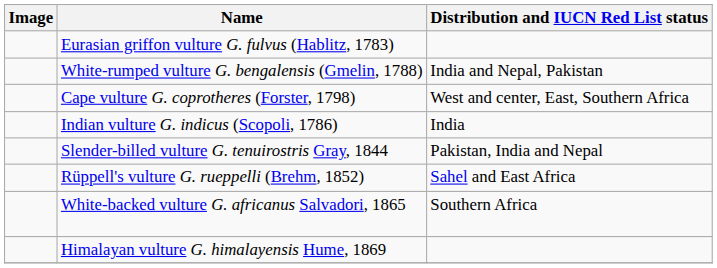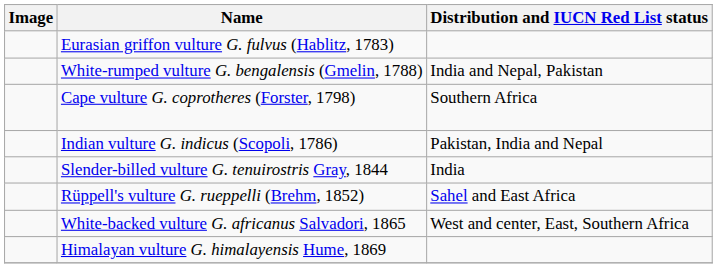 <table class="wikitable">
 <tr>
 <th>Image</th>
 <th>Name</th>
 <th>Distribution and <a href='#'>IUCN Red List</a> status</th>
 </tr>
 <tr style="vertical-align: top;">
 <td></td>
 <td><a href='#'>Eurasian griffon vulture</a> <em>G. fulvus</em> (<a href='#'>Hablitz</a>, 1783)</td>
 <td><br></td>
 </tr>
 <tr style="vertical-align: top;">
 <td></td>
 <td><a href='#'>White-rumped vulture</a> <em>G. bengalensis</em> (<a href='#'>Gmelin</a>, 1788)</td>
 <td>India and Nepal, Pakistan<br></td>
 </tr>
 <tr style="vertical-align: top;">
 <td></td>
 <td><a href='#'>Cape vulture</a> <em>G. coprotheres</em> (<a href='#'>Forster</a>, 1798)</td>
-<td>West and center, East, Southern Africa<br></td>
+<td>Southern Africa<br><br></td>
 </tr>
 <tr style="vertical-align: top;">
 <td></td>
 <td><a href='#'>Indian vulture</a> <em>G. indicus</em> (<a href='#'>Scopoli</a>, 1786)</td>
-<td>India<br></td>
+<td>Pakistan, India and Nepal<br></td>
 </tr>
 <tr style="vertical-align: top;">
 <td></td>
 <td><a href='#'>Slender-billed vulture</a> <em>G. tenuirostris</em> <a href='#'>Gray</a>, 1844</td>
-<td>Pakistan, India and Nepal<br></td>
+<td>India<br></td>
 </tr>
 <tr>
 <td></td>
 <td><a href='#'>Rüppell's vulture</a>  <em>G. rueppelli</em> (<a href='#'>Brehm</a>, 1852)</td>
 <td><a href='#'>Sahel</a> and East Africa<br></td>
 </tr>
 <tr style="vertical-align: top;">
 <td></td>
 <td><a href='#'>White-backed vulture</a> <em>G. africanus</em> <a href='#'>Salvadori</a>, 1865</td>
-<td>Southern Africa<br><br></td>
+<td>West and center, East, Southern Africa<br></td>
 </tr>
 <tr style="vertical-align: top;">
 <td></td>
 <td><a href='#'>Himalayan vulture</a> <em>G. himalayensis</em> <a href='#'>Hume</a>, 1869</td>
 <td><br></td>
 </tr>
 <tr>
 </tr>
 </table>
